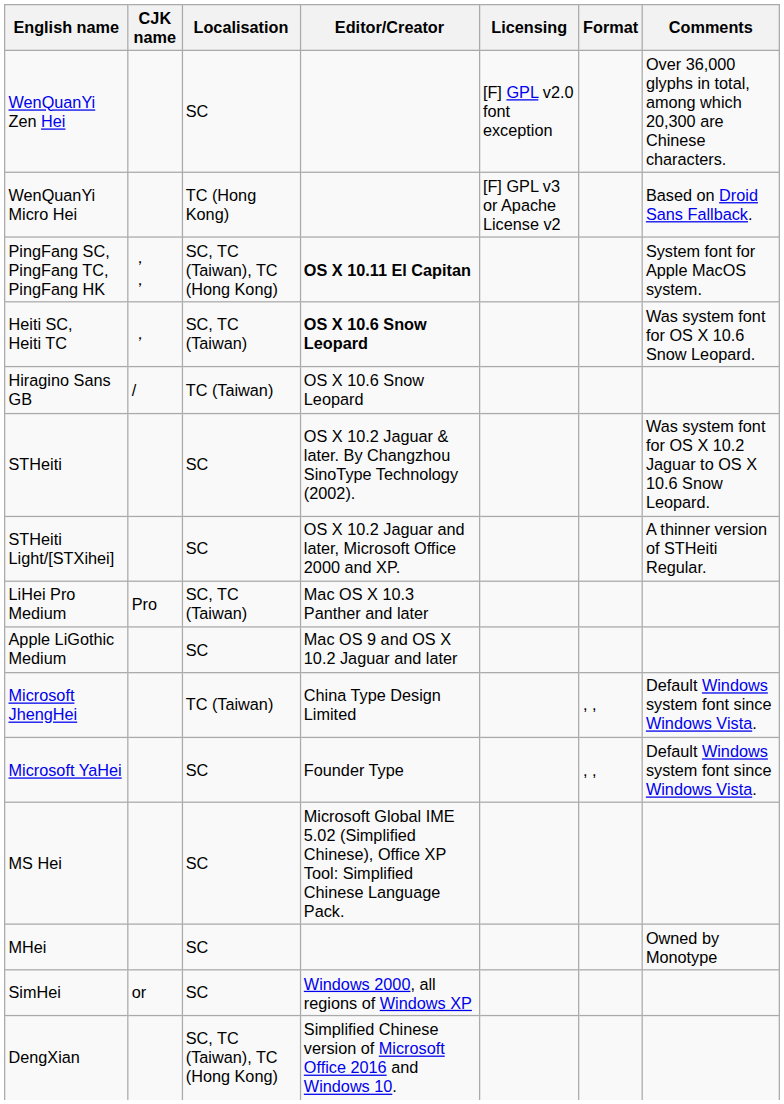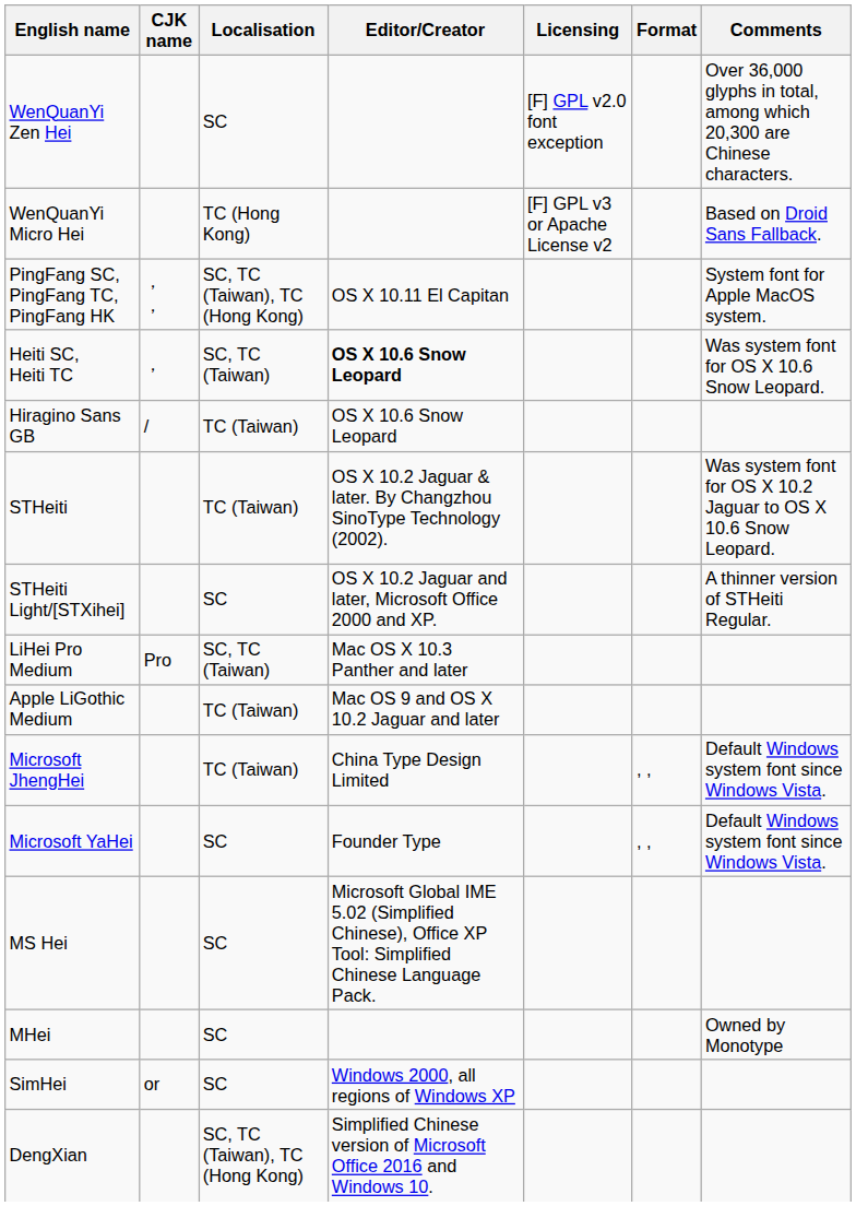 <table class="wikitable sortable" style="font-size: 0.8em;">
 <tr>
 <th>English name</th>
 <th>CJK name</th>
 <th>Localisation</th>
 <th>Editor/Creator</th>
 <th>Licensing</th>
 <th>Format</th>
 <th>Comments</th>
 </tr>
 <tr>
 <td><a href='#'>WenQuanYi</a> Zen <a href='#'>Hei</a></td>
 <td></td>
 <td>SC</td>
 <td></td>
 <td><span>[F]</span> <a href='#'>GPL</a> v2.0 font exception</td>
 <td></td>
 <td>Over 36,000 glyphs in total, among which 20,300 are Chinese characters.</td>
 </tr>
 <tr>
 <td>WenQuanYi Micro Hei</td>
 <td></td>
 <td>TC (Hong Kong)</td>
 <td></td>
 <td><span>[F]</span> GPL v3 or Apache License v2</td>
 <td></td>
 <td>Based on <a href='#'>Droid Sans Fallback</a>.</td>
 </tr>
 <tr>
 <td>PingFang SC,<br>PingFang TC, PingFang HK</td>
 <td>，<br>， </td>
 <td>SC, TC (Taiwan), TC (Hong Kong)</td>
-<td><strong>OS X 10.11 El Capitan</strong></td>
+<td>OS X 10.11 El Capitan</td>
 <td></td>
 <td></td>
 <td>System font for Apple MacOS system.</td>
 </tr>
 <tr>
 <td>Heiti SC,<br>Heiti TC</td>
 <td>，<br></td>
 <td>SC, TC (Taiwan)</td>
 <td><strong>OS X 10.6 Snow Leopard</strong></td>
 <td></td>
 <td></td>
 <td>Was system font for OS X 10.6 Snow Leopard.</td>
 </tr>
 <tr>
 <td>Hiragino Sans GB</td>
 <td>/</td>
 <td>TC (Taiwan)</td>
 <td>OS X 10.6 Snow Leopard</td>
 <td></td>
 <td></td>
 <td></td>
 </tr>
 <tr>
 <td>STHeiti</td>
 <td></td>
-<td>SC</td>
+<td>TC (Taiwan)</td>
 <td>OS X 10.2 Jaguar & later. By Changzhou SinoType Technology (2002).</td>
 <td></td>
 <td></td>
 <td>Was system font for OS X 10.2 Jaguar to OS X 10.6 Snow Leopard.</td>
 </tr>
 <tr>
 <td>STHeiti Light/[STXihei]</td>
 <td></td>
 <td>SC</td>
 <td>OS X 10.2 Jaguar and later, Microsoft Office 2000 and XP.</td>
 <td></td>
 <td></td>
 <td>A thinner version of STHeiti Regular.</td>
 </tr>
 <tr>
 <td>LiHei Pro Medium</td>
 <td> Pro</td>
 <td>SC, TC (Taiwan)</td>
 <td>Mac OS X 10.3 Panther and later</td>
 <td></td>
 <td></td>
 <td></td>
 </tr>
 <tr>
 <td>Apple LiGothic Medium</td>
 <td></td>
-<td>SC</td>
+<td>TC (Taiwan)</td>
 <td>Mac OS 9 and OS X 10.2 Jaguar and later</td>
 <td></td>
 <td></td>
 <td></td>
 </tr>
 <tr>
 <td><a href='#'>Microsoft JhengHei</a></td>
 <td></td>
 <td>TC (Taiwan)</td>
 <td>China Type Design Limited</td>
 <td></td>
 <td>, , </td>
 <td>Default <a href='#'>Windows</a> system font since <a href='#'>Windows Vista</a>.</td>
 </tr>
 <tr>
 <td><a href='#'>Microsoft YaHei</a></td>
 <td></td>
 <td>SC</td>
 <td>Founder Type</td>
 <td></td>
 <td>, , </td>
 <td>Default <a href='#'>Windows</a> system font since <a href='#'>Windows Vista</a>.</td>
 </tr>
 <tr>
 <td>MS Hei</td>
 <td></td>
 <td>SC</td>
 <td>Microsoft Global IME 5.02 (Simplified Chinese), Office XP Tool: Simplified Chinese Language Pack.</td>
 <td></td>
 <td></td>
 <td></td>
 </tr>
 <tr>
 <td>MHei</td>
 <td></td>
 <td>SC</td>
 <td></td>
 <td></td>
 <td></td>
 <td>Owned by Monotype</td>
 </tr>
 <tr>
 <td>SimHei</td>
 <td> or </td>
 <td>SC</td>
 <td><a href='#'>Windows 2000</a>, all regions of <a href='#'>Windows XP</a></td>
 <td></td>
 <td></td>
 <td></td>
 </tr>
 <tr>
 <td>DengXian</td>
 <td></td>
 <td>SC, TC (Taiwan), TC (Hong Kong)</td>
 <td>Simplified Chinese version of <a href='#'>Microsoft Office 2016</a> and <a href='#'>Windows 10</a>.</td>
 <td></td>
 <td></td>
 <td></td>
 </tr>
 </table>
